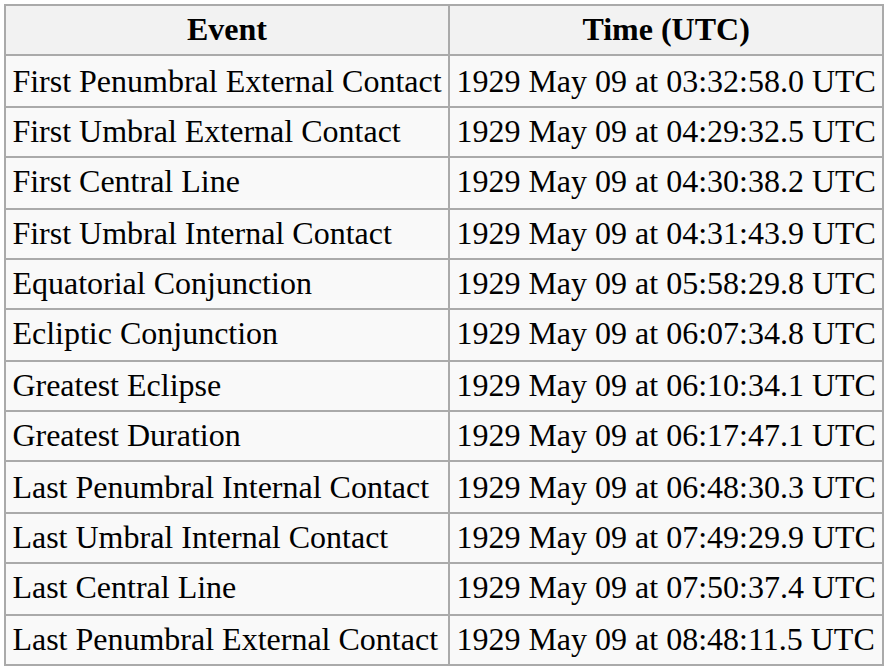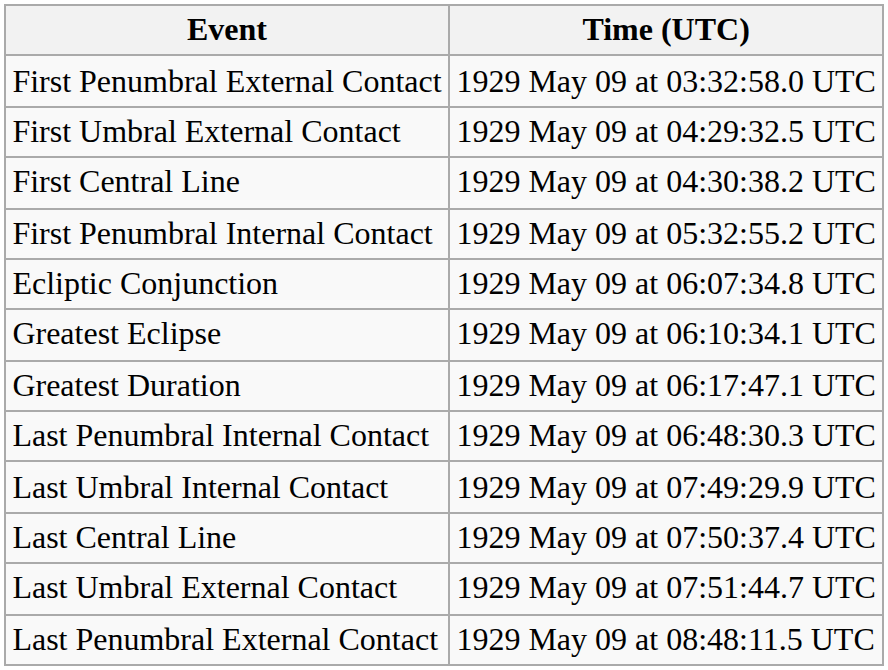 <table class="wikitable">
 <tr>
 <th>Event</th>
 <th>Time (UTC)</th>
 </tr>
 <tr>
 <td>First Penumbral External Contact</td>
 <td>1929 May 09 at 03:32:58.0 UTC</td>
 </tr>
 <tr>
 <td>First Umbral External Contact</td>
 <td>1929 May 09 at 04:29:32.5 UTC</td>
 </tr>
 <tr>
 <td>First Central Line</td>
 <td>1929 May 09 at 04:30:38.2 UTC</td>
 </tr>
 <tr>
-<td>First Umbral Internal Contact</td>
-<td>1929 May 09 at 04:31:43.9 UTC</td>
-</tr>
-<tr>
-<td>Equatorial Conjunction</td>
-<td>1929 May 09 at 05:58:29.8 UTC</td>
+<td>First Penumbral Internal Contact</td>
+<td>1929 May 09 at 05:32:55.2 UTC</td>
 </tr>
 <tr>
 <td>Ecliptic Conjunction</td>
 <td>1929 May 09 at 06:07:34.8 UTC</td>
 </tr>
 <tr>
 <td>Greatest Eclipse</td>
 <td>1929 May 09 at 06:10:34.1 UTC</td>
 </tr>
 <tr>
 <td>Greatest Duration</td>
 <td>1929 May 09 at 06:17:47.1 UTC</td>
 </tr>
 <tr>
 <td>Last Penumbral Internal Contact</td>
 <td>1929 May 09 at 06:48:30.3 UTC</td>
 </tr>
 <tr>
 <td>Last Umbral Internal Contact</td>
 <td>1929 May 09 at 07:49:29.9 UTC</td>
 </tr>
 <tr>
 <td>Last Central Line</td>
 <td>1929 May 09 at 07:50:37.4 UTC</td>
 </tr>
 <tr>
+<td>Last Umbral External Contact</td>
+<td>1929 May 09 at 07:51:44.7 UTC</td>
+</tr>
+<tr>
 <td>Last Penumbral External Contact</td>
 <td>1929 May 09 at 08:48:11.5 UTC</td>
 </tr>
 </table>
